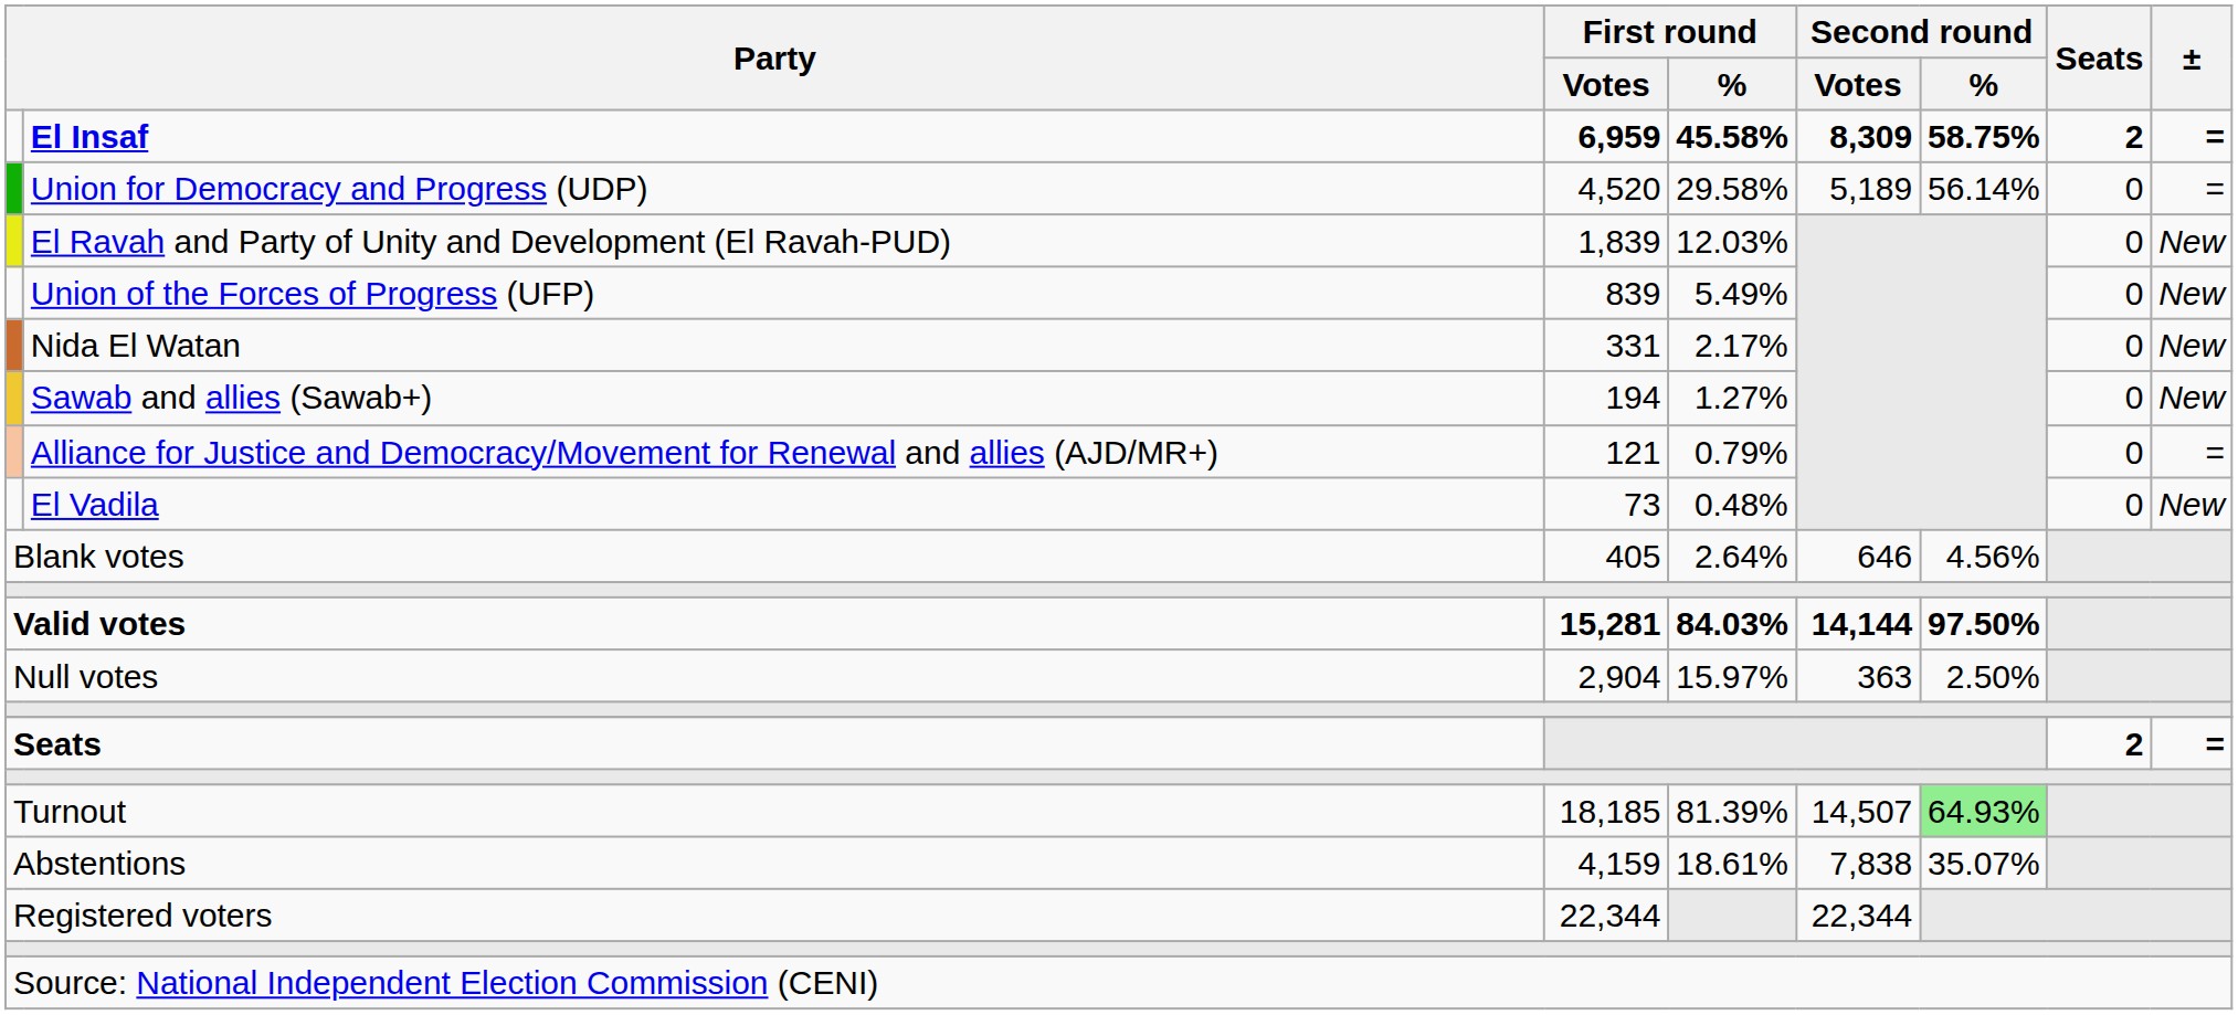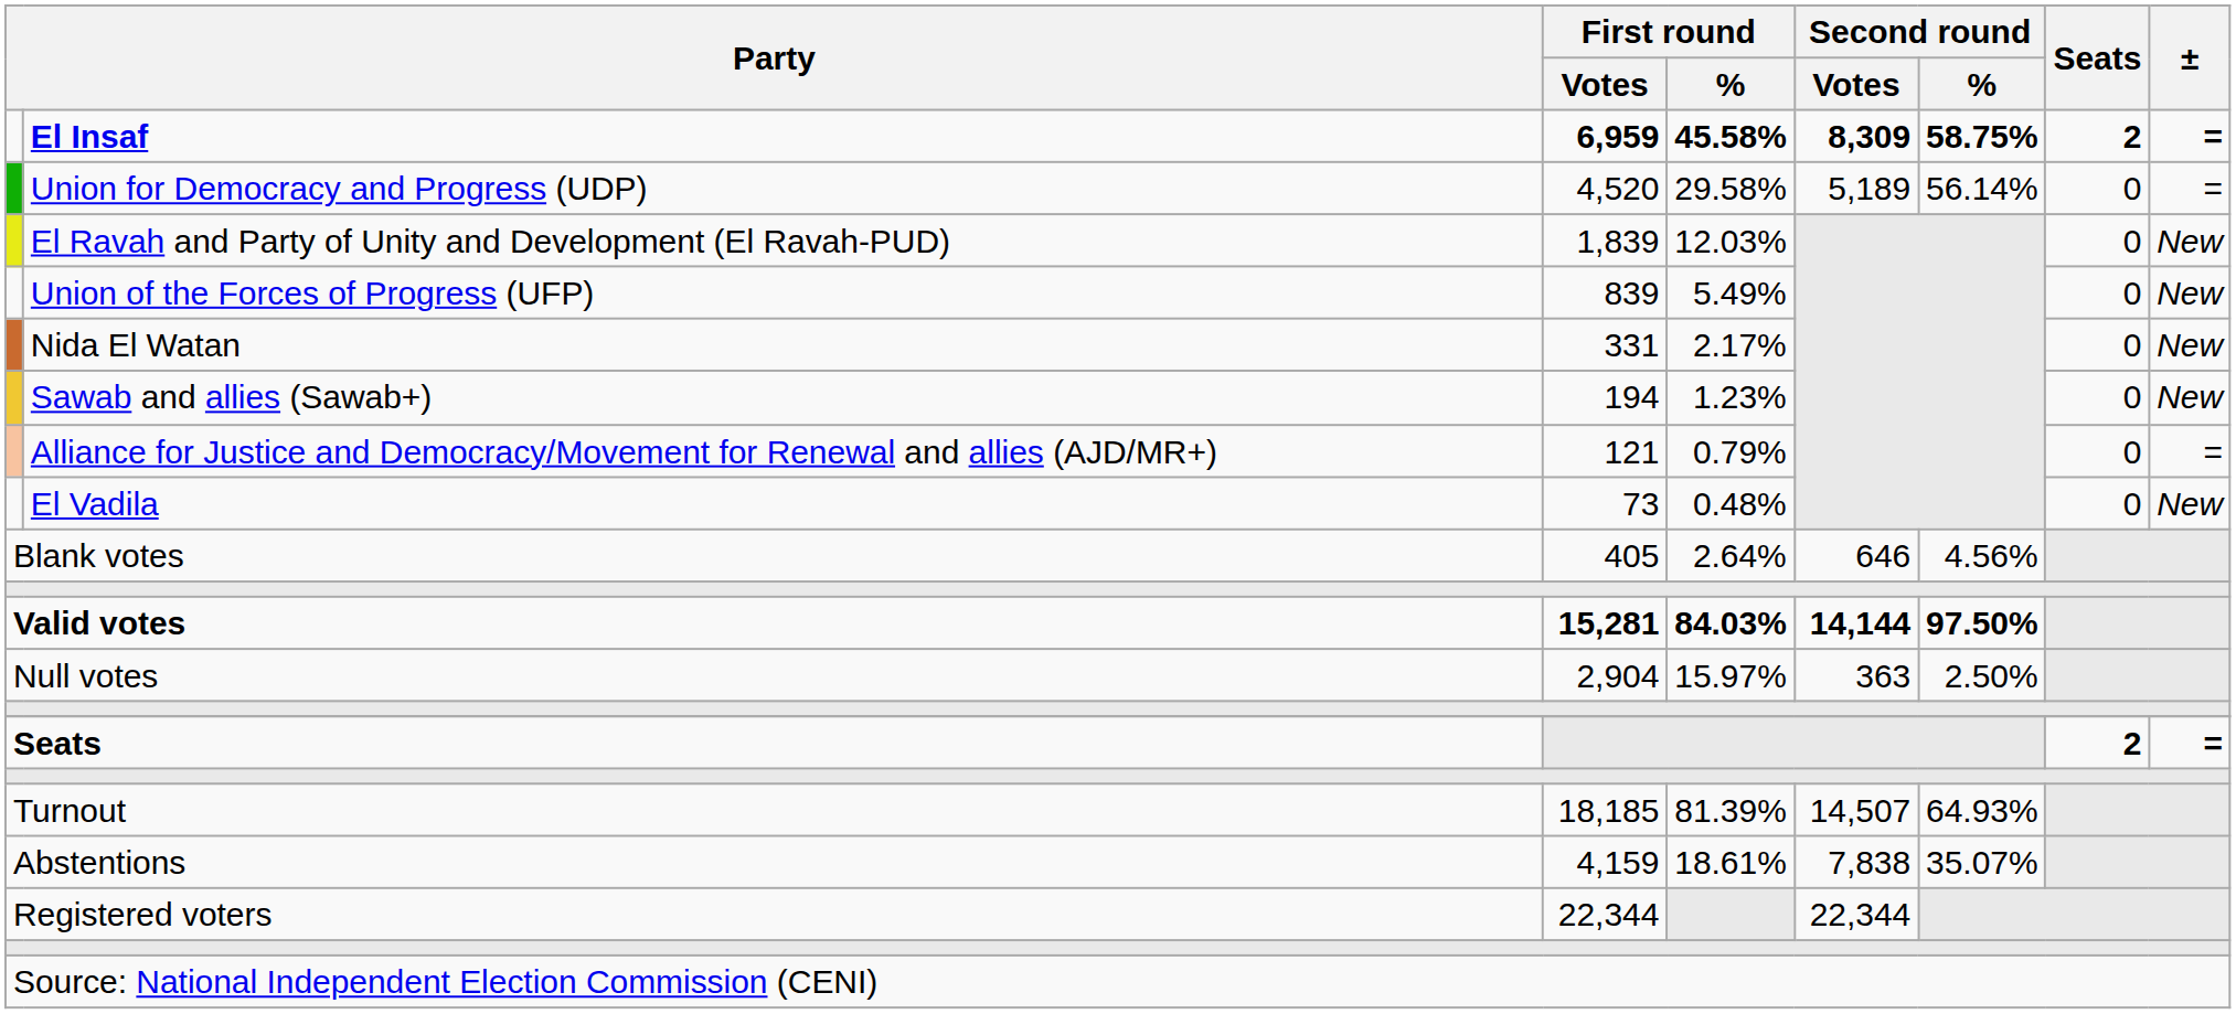 <table class="wikitable" style="text-align:right;font-size:95%;">
 <tr>
 <th rowspan="2" colspan="2" width="700">Party</th>
 <th colspan="2">First round</th>
 <th colspan="2">Second round</th>
 <th rowspan="2" width="25">Seats</th>
 <th rowspan="2" width="20">±</th>
 </tr>
 <tr>
 <th width="50">Votes</th>
 <th width="50">%</th>
 <th width="50">Votes</th>
 <th width="50">%</th>
 </tr>
 <tr>
 <td width="1" style="color:inherit;background:"></td>
 <td style="text-align:left;"><strong><a href='#'>El Insaf</a></strong></td>
 <td><strong>6,959</strong></td>
 <td><strong>45.58%</strong></td>
 <td><strong>8,309</strong></td>
 <td><strong>58.75%</strong></td>
 <td><strong>2</strong></td>
 <td><strong>=</strong></td>
 </tr>
 <tr>
 <td width="1" style="color:inherit;background:#0FAF05;"></td>
 <td style="text-align:left;"><a href='#'>Union for Democracy and Progress</a> (UDP)</td>
 <td>4,520</td>
 <td>29.58%</td>
 <td>5,189</td>
 <td>56.14%</td>
 <td>0</td>
 <td>=</td>
 </tr>
 <tr>
 <td width="1" style="color:inherit;background:#E7EB16;"></td>
 <td style="text-align:left;"><a href='#'>El Ravah</a> and Party of Unity and Development (El Ravah-PUD)</td>
 <td>1,839</td>
 <td>12.03%</td>
 <td colspan="2" rowspan="6" style="background:#E9E9E9;"></td>
 <td>0</td>
 <td><em>New</em></td>
 </tr>
 <tr>
 <td width="1" style="color:inherit;background:"></td>
 <td style="text-align:left;"><a href='#'>Union of the Forces of Progress</a> (UFP)</td>
 <td>839</td>
 <td>5.49%</td>
 <td>0</td>
 <td><em>New</em></td>
 </tr>
 <tr>
 <td width="1" style="color:inherit;background:#C96A2F;"></td>
 <td style="text-align:left;">Nida El Watan</td>
 <td>331</td>
 <td>2.17%</td>
 <td>0</td>
 <td><em>New</em></td>
 </tr>
 <tr>
 <td width="1" style="color:inherit;background:#F0C832;"></td>
 <td style="text-align:left;"><a href='#'>Sawab</a> and <a href='#'>allies</a> (Sawab+)</td>
 <td>194</td>
-<td>1.27%</td>
+<td>1.23%</td>
 <td>0</td>
 <td><em>New</em></td>
 </tr>
 <tr>
 <td width="1" style="color:inherit;background:#F8C3A0;"></td>
 <td style="text-align:left;"><a href='#'>Alliance for Justice and Democracy/Movement for Renewal</a> and <a href='#'>allies</a> (AJD/MR+)</td>
 <td>121</td>
 <td>0.79%</td>
 <td>0</td>
 <td>=</td>
 </tr>
 <tr>
 <td width="1" style="color:inherit;background:"></td>
 <td style="text-align:left;"><a href='#'>El Vadila</a></td>
 <td>73</td>
 <td>0.48%</td>
 <td>0</td>
 <td><em>New</em></td>
 </tr>
 <tr>
 <td colspan="2" style="text-align:left;">Blank votes</td>
 <td>405</td>
 <td>2.64%</td>
 <td>646</td>
 <td>4.56%</td>
 <td colspan="2" style="background:#E9E9E9;"></td>
 </tr>
 <tr>
 <td colspan="8" style="background:#E9E9E9;"></td>
 </tr>
 <tr style="font-weight:bold;">
 <td colspan="2" style="text-align:left;">Valid votes</td>
 <td>15,281</td>
 <td>84.03%</td>
 <td>14,144</td>
 <td>97.50%</td>
 <td colspan="2" style="background:#E9E9E9;"></td>
 </tr>
 <tr>
 <td colspan="2" style="text-align:left;">Null votes</td>
 <td>2,904</td>
 <td>15.97%</td>
 <td>363</td>
 <td>2.50%</td>
 <td colspan="2" style="background:#E9E9E9;"></td>
 </tr>
 <tr>
 <td colspan="8" style="background:#E9E9E9;"></td>
 </tr>
 <tr>
 </tr>
 <tr style="font-weight:bold;">
 <td colspan="2" style="text-align:left;">Seats</td>
 <td colspan="4" style="background:#E9E9E9;"></td>
 <td>2</td>
 <td>=</td>
 </tr>
 <tr>
 <td colspan="8" style="background:#E9E9E9;"></td>
 </tr>
 <tr>
 <td colspan="2" style="text-align:left;">Turnout</td>
 <td>18,185</td>
 <td>81.39%</td>
 <td>14,507</td>
-<td style="background: lightgreen;">64.93%</td>
+<td>64.93%</td>
 <td colspan="2" style="background:#E9E9E9;"></td>
 </tr>
 <tr>
 <td colspan="2" style="text-align:left;">Abstentions</td>
 <td>4,159</td>
 <td>18.61%</td>
 <td>7,838</td>
 <td>35.07%</td>
 <td colspan="2" style="background:#E9E9E9;"></td>
 </tr>
 <tr>
 <td colspan="2" style="text-align:left;">Registered voters</td>
 <td>22,344</td>
 <td style="color:inherit;background:#E9E9E9;"></td>
 <td>22,344</td>
 <td colspan="3" style="background:#E9E9E9;"></td>
 </tr>
 <tr>
 <td colspan="8" style="background:#E9E9E9;"></td>
 </tr>
 <tr>
 <td colspan="8" style="text-align:left;">Source: <a href='#'>National Independent Election Commission</a> (CENI)</td>
 </tr>
 </table>
